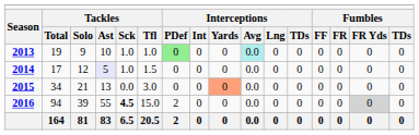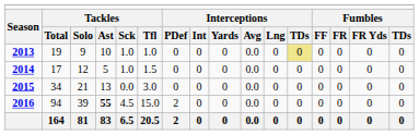 <table class=wikitable style="text-align:center;">
 <tr>
 </tr>
 <tr>
 <td ! colspan="16"></td>
 </tr>
 <tr>
 <th rowspan=2>Season</th>
 <th colspan=5>Tackles</th>
 <th colspan=6>Interceptions</th>
 <th colspan=4>Fumbles</th>
 </tr>
 <tr>
 <th>Total</th>
 <th>Solo</th>
 <th>Ast</th>
 <th>Sck</th>
 <th>Tfl</th>
 <th>PDef</th>
 <th>Int</th>
 <th>Yards</th>
 <th>Avg</th>
 <th>Lng</th>
 <th>TDs</th>
 <th>FF</th>
 <th>FR</th>
 <th>FR Yds</th>
 <th>TDs</th>
 </tr>
 <tr>
 <td><strong><a href='#'>2013</a></strong></td>
 <td>19</td>
 <td>9</td>
 <td>10</td>
 <td>1.0</td>
 <td>1.0</td>
-<td style="background: lightgreen;">0</td>
 <td>0</td>
 <td>0</td>
-<td style="background: paleturquoise;">0.0</td>
 <td>0</td>
+<td>0.0</td>
 <td>0</td>
+<td style="background: khaki;">0</td>
 <td>0</td>
 <td>0</td>
 <td>0</td>
 <td>0</td>
 </tr>
 <tr>
 <td><strong><a href='#'>2014</a></strong></td>
 <td>17</td>
 <td>12</td>
-<td style="background: lavender;">5</td>
+<td>5</td>
 <td>1.0</td>
 <td>1.5</td>
 <td>0</td>
 <td>0</td>
 <td>0</td>
 <td>0.0</td>
 <td>0</td>
 <td>0</td>
 <td>0</td>
 <td>0</td>
 <td>0</td>
 <td>0</td>
 </tr>
 <tr>
 <td><strong><a href='#'>2015</a></strong></td>
 <td>34</td>
 <td>21</td>
 <td>13</td>
 <td>0.0</td>
 <td>3.0</td>
 <td>0</td>
 <td>0</td>
-<td style="background: lightsalmon;">0</td>
+<td>0</td>
 <td>0.0</td>
 <td>0</td>
 <td>0</td>
 <td>0</td>
 <td>0</td>
 <td>0</td>
 <td>0</td>
 </tr>
 <tr>
 <td><strong><a href='#'>2016</a></strong></td>
 <td>94</td>
 <td>39</td>
-<td>55</td>
-<td><strong>4.5</strong></td>
+<td><strong>55</strong></td>
+<td>4.5</td>
 <td>15.0</td>
 <td>2</td>
 <td>0</td>
 <td>0</td>
 <td>0.0</td>
 <td>0</td>
 <td>0</td>
 <td>0</td>
 <td>0</td>
-<td style="background: lightgrey;">0</td>
+<td>0</td>
 <td>0</td>
 </tr>
 <tr>
 <th colspan=1></th>
 <th>164</th>
 <th>81</th>
 <th>83</th>
 <th>6.5</th>
 <th>20.5</th>
 <th>2</th>
 <th>0</th>
 <th>0</th>
 <th>0.0</th>
 <th>0</th>
 <th>0</th>
 <th>0</th>
 <th>0</th>
 <th>0</th>
 <th>0</th>
 </tr>
 </table>
